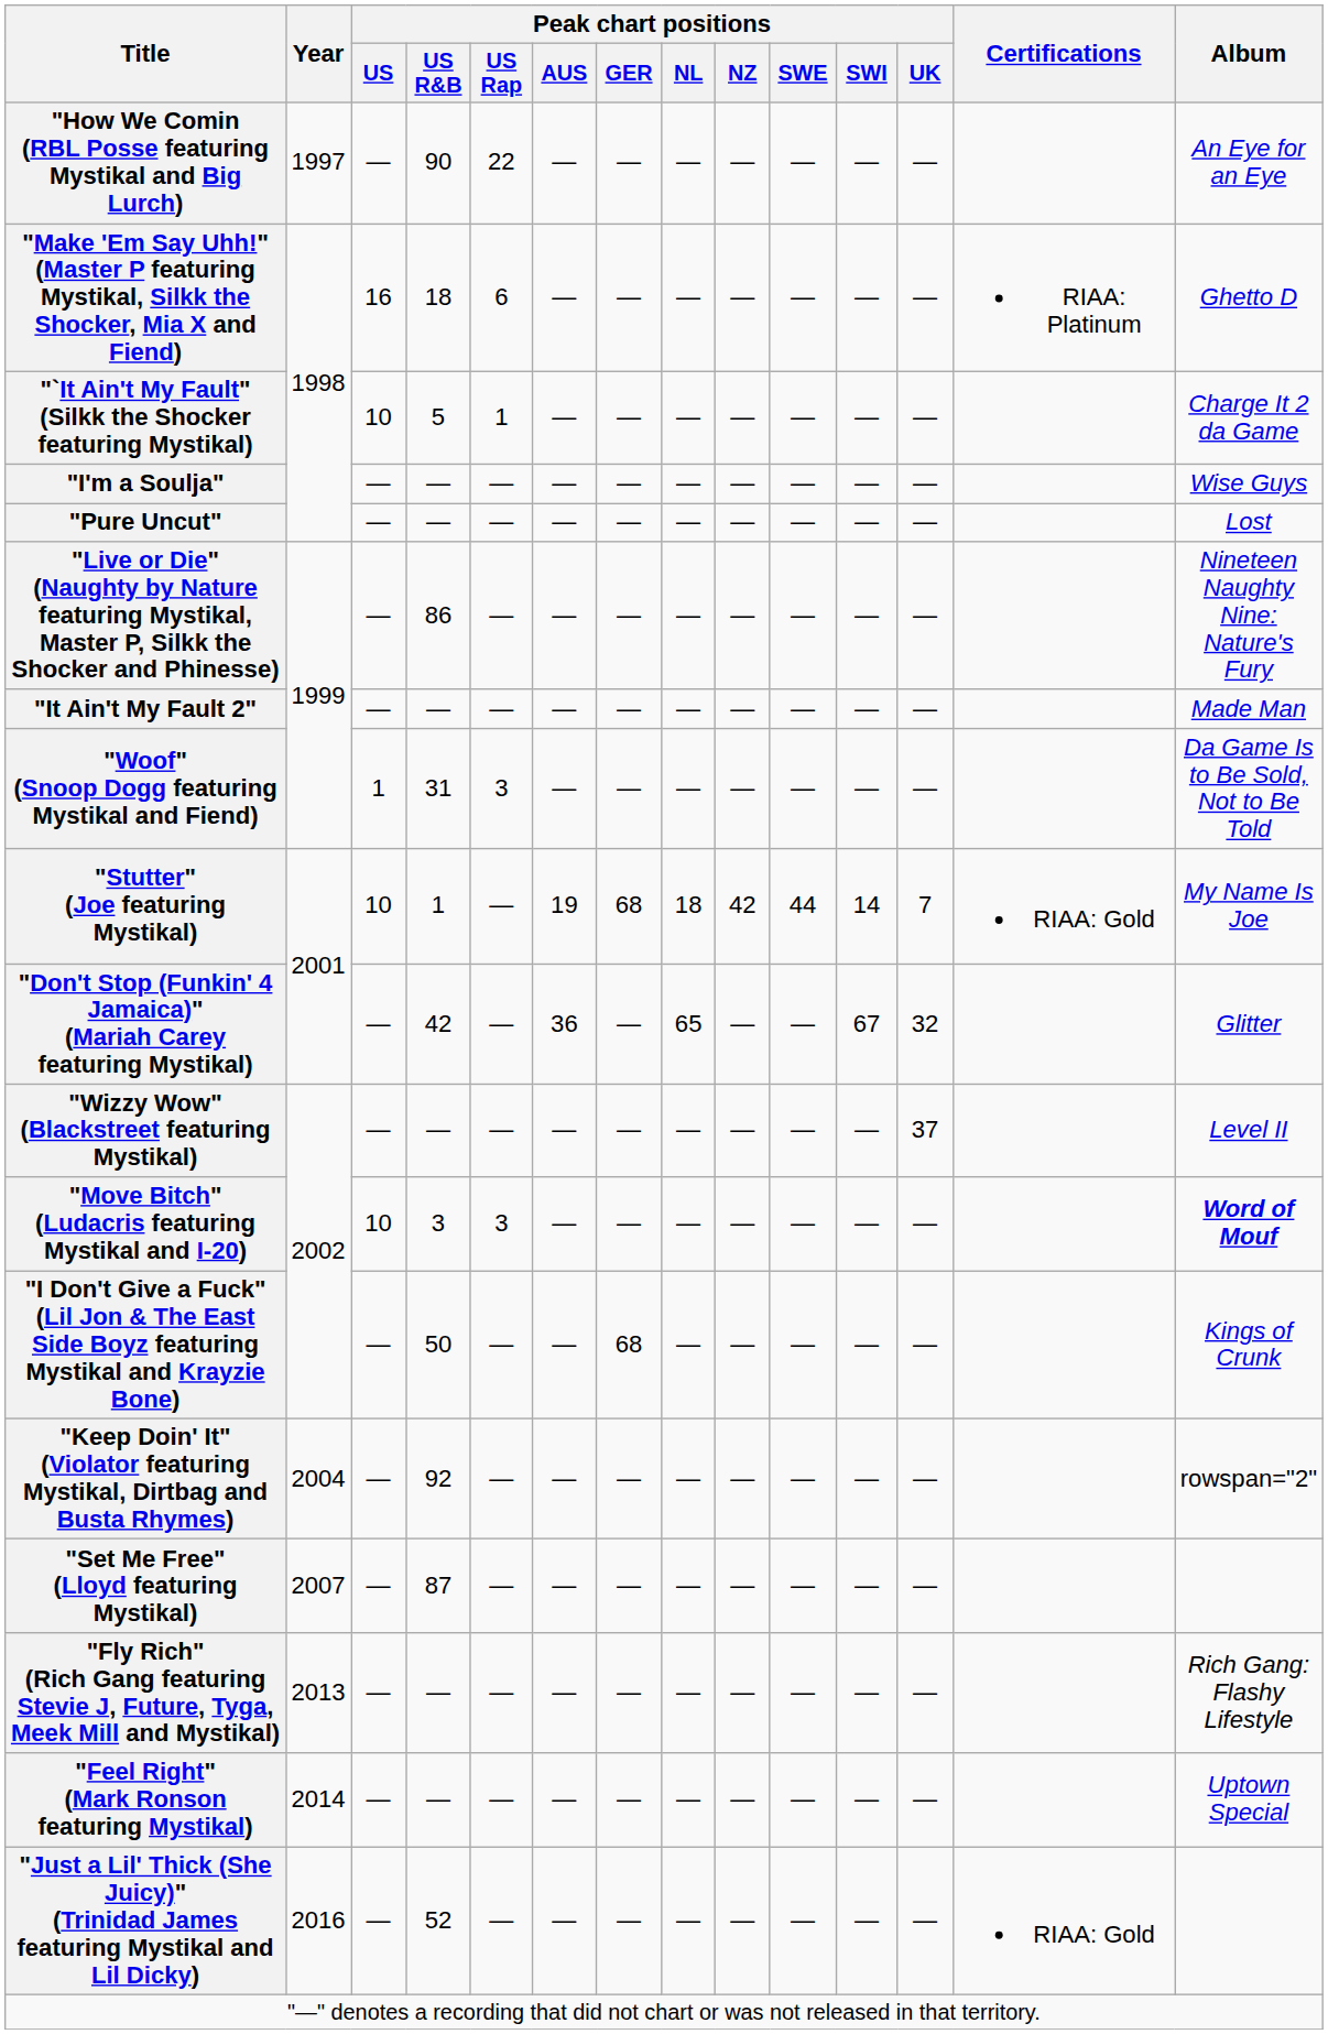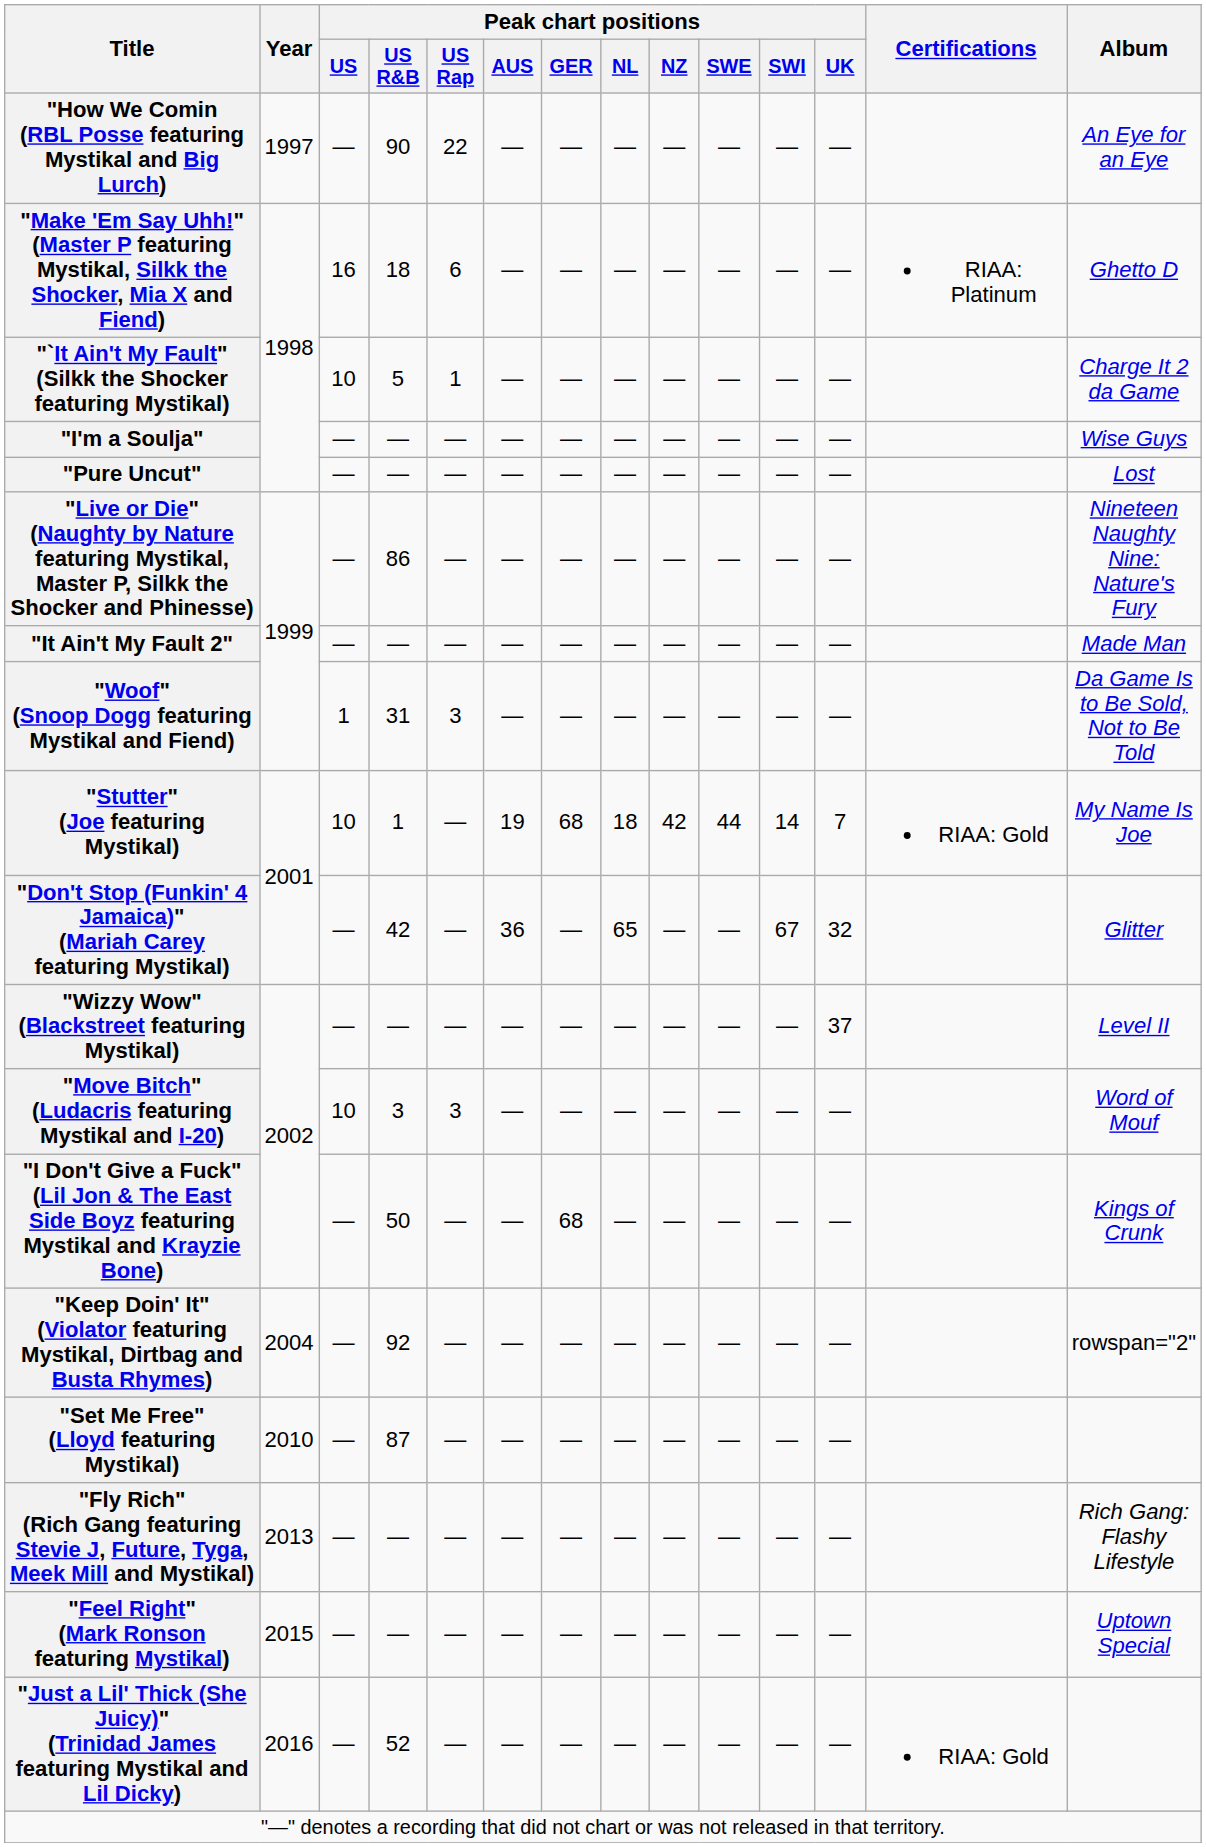 <table class="wikitable plainrowheaders" style="text-align:center;" border="1">
 <tr>
 <th scope="col" rowspan="2" style="width:19em;">Title</th>
 <th scope="col" rowspan="2">Year</th>
 <th scope="col" colspan="10">Peak chart positions</th>
 <th scope="col" rowspan="2" style="width:12em;"><a href='#'>Certifications</a></th>
 <th scope="col" rowspan="2">Album</th>
 </tr>
 <tr>
 <th style="width:3em; font-size:90%"><a href='#'>US</a><br></th>
 <th style="width:3em; font-size:90%"><a href='#'>US<br>R&B</a><br></th>
 <th style="width:3em; font-size:90%"><a href='#'>US<br>Rap</a><br></th>
 <th style="width:3em; font-size:90%"><a href='#'>AUS</a><br></th>
 <th style="width:3em; font-size:90%"><a href='#'>GER</a><br></th>
 <th style="width:3em; font-size:90%"><a href='#'>NL</a><br></th>
 <th style="width:3em; font-size:90%"><a href='#'>NZ</a><br></th>
 <th style="width:3em; font-size:90%"><a href='#'>SWE</a><br></th>
 <th style="width:3em; font-size:90%"><a href='#'>SWI</a><br></th>
 <th style="width:3em; font-size:90%"><a href='#'>UK</a><br></th>
 </tr>
 <tr>
 <th scope="row">"How We Comin<br><span>(<a href='#'>RBL Posse</a> featuring Mystikal and <a href='#'>Big Lurch</a>)</span></th>
 <td>1997</td>
 <td>—</td>
 <td>90</td>
 <td>22</td>
 <td>—</td>
 <td>—</td>
 <td>—</td>
 <td>—</td>
 <td>—</td>
 <td>—</td>
 <td>—</td>
 <td></td>
 <td><em><a href='#'>An Eye for an Eye</a></em></td>
 </tr>
 <tr>
 <th scope="row">"<a href='#'>Make 'Em Say Uhh!</a>"<br><span>(<a href='#'>Master P</a> featuring Mystikal, <a href='#'>Silkk the Shocker</a>, <a href='#'>Mia X</a> and <a href='#'>Fiend</a>)</span></th>
 <td rowspan="4">1998</td>
 <td>16</td>
 <td>18</td>
 <td>6</td>
 <td>—</td>
 <td>—</td>
 <td>—</td>
 <td>—</td>
 <td>—</td>
 <td>—</td>
 <td>—</td>
 <td><br><ul><li>RIAA: Platinum</li></ul></td>
 <td><em><a href='#'>Ghetto D</a></em></td>
 </tr>
 <tr>
 <th scope="row">"`<a href='#'>It Ain't My Fault</a>"<br><span>(Silkk the Shocker featuring Mystikal)</span></th>
 <td>10</td>
 <td>5</td>
 <td>1</td>
 <td>—</td>
 <td>—</td>
 <td>—</td>
 <td>—</td>
 <td>—</td>
 <td>—</td>
 <td>—</td>
 <td></td>
 <td><em><a href='#'>Charge It 2 da Game</a></em></td>
 </tr>
 <tr>
 <th scope="row">"I'm a Soulja"<br></th>
 <td>—</td>
 <td>—</td>
 <td>—</td>
 <td>—</td>
 <td>—</td>
 <td>—</td>
 <td>—</td>
 <td>—</td>
 <td>—</td>
 <td>—</td>
 <td></td>
 <td><em><a href='#'>Wise Guys</a></em></td>
 </tr>
 <tr>
 <th scope="row">"Pure Uncut"<br></th>
 <td>—</td>
 <td>—</td>
 <td>—</td>
 <td>—</td>
 <td>—</td>
 <td>—</td>
 <td>—</td>
 <td>—</td>
 <td>—</td>
 <td>—</td>
 <td></td>
 <td><em><a href='#'>Lost</a></em></td>
 </tr>
 <tr>
 <th scope="row">"<a href='#'>Live or Die</a>"<br><span>(<a href='#'>Naughty by Nature</a> featuring Mystikal, Master P, Silkk the Shocker and Phinesse)</span></th>
 <td rowspan="3">1999</td>
 <td>—</td>
 <td>86</td>
 <td>—</td>
 <td>—</td>
 <td>—</td>
 <td>—</td>
 <td>—</td>
 <td>—</td>
 <td>—</td>
 <td>—</td>
 <td></td>
 <td><em><a href='#'>Nineteen Naughty Nine: Nature's Fury</a></em></td>
 </tr>
 <tr>
 <th scope="row">"It Ain't My Fault 2"<br></th>
 <td>—</td>
 <td>—</td>
 <td>—</td>
 <td>—</td>
 <td>—</td>
 <td>—</td>
 <td>—</td>
 <td>—</td>
 <td>—</td>
 <td>—</td>
 <td></td>
 <td><em><a href='#'>Made Man</a></em></td>
 </tr>
 <tr>
 <th scope="row">"<a href='#'>Woof</a>"<br><span>(<a href='#'>Snoop Dogg</a> featuring Mystikal and Fiend)</span></th>
 <td>1</td>
 <td>31</td>
 <td>3</td>
 <td>—</td>
 <td>—</td>
 <td>—</td>
 <td>—</td>
 <td>—</td>
 <td>—</td>
 <td>—</td>
 <td></td>
 <td><em><a href='#'>Da Game Is to Be Sold, Not to Be Told</a></em></td>
 </tr>
 <tr>
 <th scope="row">"<a href='#'>Stutter</a>"<br><span>(<a href='#'>Joe</a> featuring Mystikal)</span></th>
 <td rowspan="2">2001</td>
 <td>10</td>
 <td>1</td>
 <td>—</td>
 <td>19</td>
 <td>68</td>
 <td>18</td>
 <td>42</td>
 <td>44</td>
 <td>14</td>
 <td>7</td>
 <td><br><ul><li>RIAA: Gold</li></ul></td>
 <td><em><a href='#'>My Name Is Joe</a></em></td>
 </tr>
 <tr>
 <th scope="row">"<a href='#'>Don't Stop (Funkin' 4 Jamaica)</a>"<br><span>(<a href='#'>Mariah Carey</a> featuring Mystikal)</span></th>
 <td>—</td>
 <td>42</td>
 <td>—</td>
 <td>36</td>
 <td>—</td>
 <td>65</td>
 <td>—</td>
 <td>—</td>
 <td>67</td>
 <td>32</td>
 <td></td>
 <td><em><a href='#'>Glitter</a></em></td>
 </tr>
 <tr>
 <th scope="row">"Wizzy Wow"<br><span>(<a href='#'>Blackstreet</a> featuring Mystikal)</span></th>
 <td rowspan="3">2002</td>
 <td>—</td>
 <td>—</td>
 <td>—</td>
 <td>—</td>
 <td>—</td>
 <td>—</td>
 <td>—</td>
 <td>—</td>
 <td>—</td>
 <td>37</td>
 <td></td>
 <td><em><a href='#'>Level II</a></em></td>
 </tr>
 <tr>
 <th scope="row">"<a href='#'>Move Bitch</a>"<br><span>(<a href='#'>Ludacris</a> featuring Mystikal and <a href='#'>I-20</a>)</span></th>
 <td>10</td>
 <td>3</td>
 <td>3</td>
 <td>—</td>
 <td>—</td>
 <td>—</td>
 <td>—</td>
 <td>—</td>
 <td>—</td>
 <td>—</td>
 <td></td>
-<td><strong><em><a href='#'>Word of Mouf</a></em></strong></td>
+<td><em><a href='#'>Word of Mouf</a></em></td>
 </tr>
 <tr>
 <th scope="row">"I Don't Give a Fuck"<br><span>(<a href='#'>Lil Jon & The East Side Boyz</a> featuring Mystikal and <a href='#'>Krayzie Bone</a>)</span></th>
 <td>—</td>
 <td>50</td>
 <td>—</td>
 <td>—</td>
 <td>68</td>
 <td>—</td>
 <td>—</td>
 <td>—</td>
 <td>—</td>
 <td>—</td>
 <td></td>
 <td><em><a href='#'>Kings of Crunk</a></em></td>
 </tr>
 <tr>
 <th scope="row">"Keep Doin' It"<br><span>(<a href='#'>Violator</a> featuring Mystikal, Dirtbag and <a href='#'>Busta Rhymes</a>)</span></th>
 <td>2004</td>
 <td>—</td>
 <td>92</td>
 <td>—</td>
 <td>—</td>
 <td>—</td>
 <td>—</td>
 <td>—</td>
 <td>—</td>
 <td>—</td>
 <td>—</td>
 <td></td>
 <td>rowspan="2" </td>
 </tr>
 <tr>
 <th scope="row">"Set Me Free"<br><span>(<a href='#'>Lloyd</a> featuring Mystikal)</span></th>
-<td>2007</td>
+<td>2010</td>
 <td>—</td>
 <td>87</td>
 <td>—</td>
 <td>—</td>
 <td>—</td>
 <td>—</td>
 <td>—</td>
 <td>—</td>
 <td>—</td>
 <td>—</td>
 <td></td>
 </tr>
 <tr>
 <th scope="row">"Fly Rich"<br><span>(Rich Gang featuring <a href='#'>Stevie J</a>, <a href='#'>Future</a>, <a href='#'>Tyga</a>, <a href='#'>Meek Mill</a> and Mystikal)</span></th>
 <td>2013</td>
 <td>—</td>
 <td>—</td>
 <td>—</td>
 <td>—</td>
 <td>—</td>
 <td>—</td>
 <td>—</td>
 <td>—</td>
 <td>—</td>
 <td>—</td>
 <td></td>
 <td><em>Rich Gang: Flashy Lifestyle</em></td>
 </tr>
 <tr>
 <th scope="row">"<a href='#'>Feel Right</a>"<span><br>(<a href='#'>Mark Ronson</a> featuring <a href='#'>Mystikal</a>)</span></th>
-<td>2014</td>
+<td>2015</td>
 <td>—</td>
 <td>—</td>
 <td>—</td>
 <td>—</td>
 <td>—</td>
 <td>—</td>
 <td>—</td>
 <td>—</td>
 <td>—</td>
 <td>—</td>
 <td></td>
 <td><em><a href='#'>Uptown Special</a></em></td>
 </tr>
 <tr>
 <th scope="row">"<a href='#'>Just a Lil' Thick (She Juicy)</a>"<span><br>(<a href='#'>Trinidad James</a> featuring Mystikal and <a href='#'>Lil Dicky</a>)</span></th>
 <td>2016</td>
 <td>—</td>
 <td>52</td>
 <td>—</td>
 <td>—</td>
 <td>—</td>
 <td>—</td>
 <td>—</td>
 <td>—</td>
 <td>—</td>
 <td>—</td>
 <td><br><ul><li>RIAA: Gold</li></ul></td>
 <td></td>
 </tr>
 <tr>
 <td colspan="14" style="font-size:90%">"—" denotes a recording that did not chart or was not released in that territory.</td>
 </tr>
 </table>
